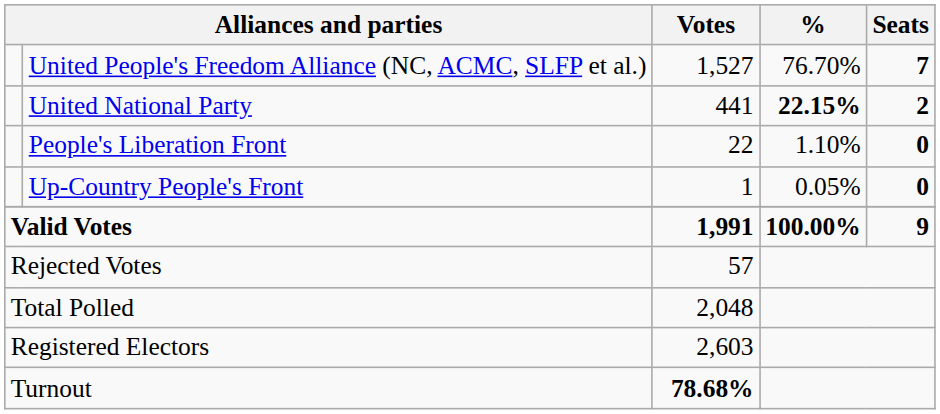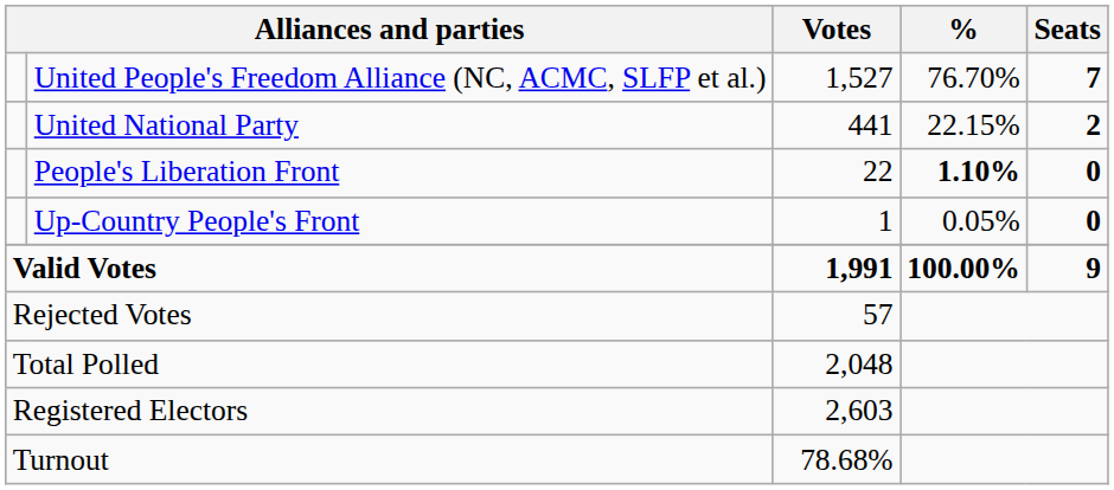 <table class="wikitable" border="1" style="text-align:right;">
 <tr>
 <th valign=bottom align=left colspan=2>Alliances and parties</th>
 <th valign=bottom align=center width="60">Votes</th>
 <th valign=bottom align=center width="50">%</th>
 <th valign=bottom align=center>Seats</th>
 </tr>
 <tr>
 <td bgcolor=> </td>
 <td align=left><a href='#'>United People's Freedom Alliance</a> (NC, <a href='#'>ACMC</a>, <a href='#'>SLFP</a> et al.)</td>
 <td>1,527</td>
 <td>76.70%</td>
 <td><strong>7</strong></td>
 </tr>
 <tr>
 <td bgcolor=> </td>
 <td align=left><a href='#'>United National Party</a></td>
 <td>441</td>
-<td><strong>22.15%</strong></td>
+<td>22.15%</td>
 <td><strong>2</strong></td>
 </tr>
 <tr>
 <td bgcolor=> </td>
 <td align=left><a href='#'>People's Liberation Front</a></td>
 <td>22</td>
-<td>1.10%</td>
+<td><strong>1.10%</strong></td>
 <td><strong>0</strong></td>
 </tr>
 <tr>
 <td bgcolor=> </td>
 <td align=left><a href='#'>Up-Country People's Front</a></td>
 <td>1</td>
 <td>0.05%</td>
 <td><strong>0</strong></td>
 </tr>
 <tr>
 </tr>
 <tr>
 <td colspan=2 align=left><strong>Valid Votes</strong></td>
 <td><strong>1,991</strong></td>
 <td><strong>100.00%</strong></td>
 <td><strong>9</strong></td>
 </tr>
 <tr>
 <td colspan=2 align=left>Rejected Votes</td>
 <td>57</td>
 <td colspan=2></td>
 </tr>
 <tr>
 <td colspan=2 align=left>Total Polled</td>
 <td>2,048</td>
 <td colspan=2></td>
 </tr>
 <tr>
 <td colspan=2 align=left>Registered Electors</td>
 <td>2,603</td>
 <td colspan=2></td>
 </tr>
 <tr>
 <td colspan=2 align=left>Turnout</td>
-<td><strong>78.68%</strong></td>
+<td>78.68%</td>
 <td colspan=2></td>
 </tr>
 </table>
